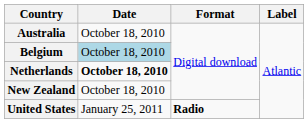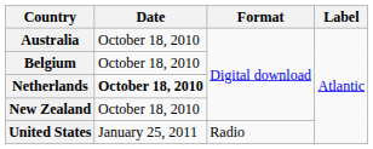 <table class="wikitable plainrowheaders">
 <tr>
 <th>Country</th>
 <th>Date</th>
 <th>Format</th>
 <th>Label</th>
 </tr>
 <tr>
 <th scope="row">Australia</th>
 <td>October 18, 2010</td>
 <td rowspan="4"><a href='#'>Digital download</a></td>
 <td rowspan="5"><a href='#'>Atlantic</a></td>
 </tr>
 <tr>
 <th scope="row">Belgium</th>
-<td style="background: lightblue;">October 18, 2010</td>
+<td>October 18, 2010</td>
 </tr>
 <tr>
 <th scope="row">Netherlands</th>
 <td><strong>October 18, 2010</strong></td>
 </tr>
 <tr>
 <th scope="row">New Zealand</th>
 <td>October 18, 2010</td>
 </tr>
 <tr>
 <th scope="row">United States</th>
 <td>January 25, 2011</td>
-<td><strong>Radio</strong></td>
+<td>Radio</td>
 </tr>
 </table>
